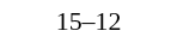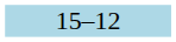 <table style="text-align:center">
 <tr>
 <th width=200></th>
 <th width=100></th>
 <th width=200></th>
 </tr>
 <tr>
 <td align=right><strong></strong></td>
-<td>15–12</td>
+<td style="background: lightblue;">15–12</td>
 <td align=left></td>
 </tr>
 </table>
